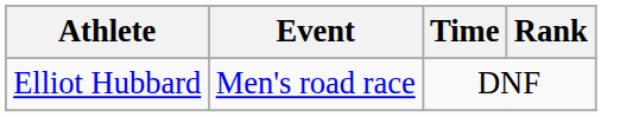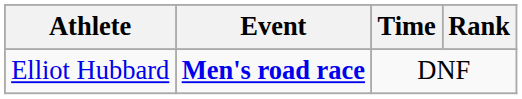 <table class=wikitable style="font-size:90%">
 <tr>
 <th>Athlete</th>
 <th>Event</th>
 <th>Time</th>
 <th>Rank</th>
 </tr>
 <tr align=center>
 <td align=left><a href='#'>Elliot Hubbard</a></td>
-<td align=left><a href='#'>Men's road race</a></td>
+<td align=left><strong><a href='#'>Men's road race</a></strong></td>
 <td colspan=2>DNF</td>
 </tr>
 </table>
